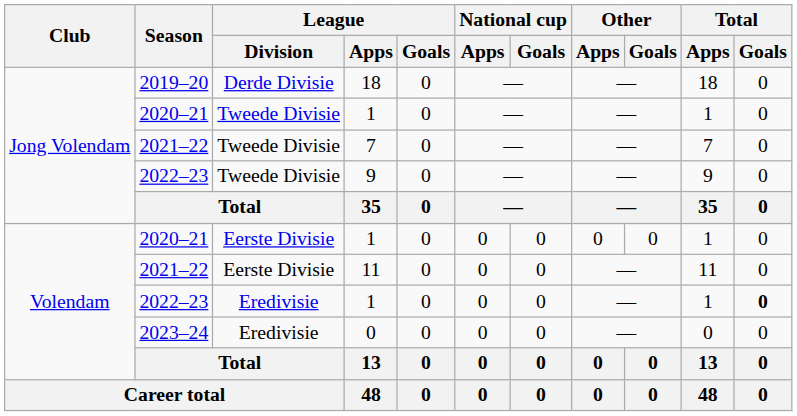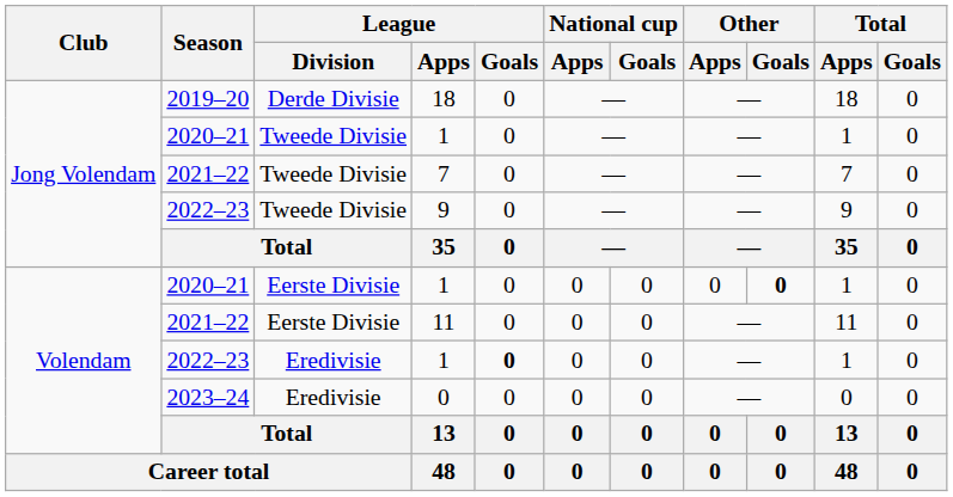 <table class="wikitable" style="text-align:center">
 <tr>
 <th rowspan="2">Club</th>
 <th rowspan="2">Season</th>
 <th colspan="3">League</th>
 <th colspan="2">National cup</th>
 <th colspan="2">Other</th>
 <th colspan="2">Total</th>
 </tr>
 <tr>
 <th>Division</th>
 <th>Apps</th>
 <th>Goals</th>
 <th>Apps</th>
 <th>Goals</th>
 <th>Apps</th>
 <th>Goals</th>
 <th>Apps</th>
 <th>Goals</th>
 </tr>
 <tr>
 <td rowspan="5"><a href='#'>Jong Volendam</a></td>
 <td><a href='#'>2019–20</a></td>
 <td><a href='#'>Derde Divisie</a></td>
 <td>18</td>
 <td>0</td>
 <td colspan="2">—</td>
 <td colspan="2">—</td>
 <td>18</td>
 <td>0</td>
 </tr>
 <tr>
 <td><a href='#'>2020–21</a></td>
 <td><a href='#'>Tweede Divisie</a></td>
 <td>1</td>
 <td>0</td>
 <td colspan="2">—</td>
 <td colspan="2">—</td>
 <td>1</td>
 <td>0</td>
 </tr>
 <tr>
 <td><a href='#'>2021–22</a></td>
 <td>Tweede Divisie</td>
 <td>7</td>
 <td>0</td>
 <td colspan="2">—</td>
 <td colspan="2">—</td>
 <td>7</td>
 <td>0</td>
 </tr>
 <tr>
 <td><a href='#'>2022–23</a></td>
 <td>Tweede Divisie</td>
 <td>9</td>
 <td>0</td>
 <td colspan="2">—</td>
 <td colspan="2">—</td>
 <td>9</td>
 <td>0</td>
 </tr>
 <tr>
 <th colspan="2">Total</th>
 <th>35</th>
 <th>0</th>
 <th colspan="2">—</th>
 <th colspan="2">—</th>
 <th>35</th>
 <th>0</th>
 </tr>
 <tr>
 <td rowspan="5"><a href='#'>Volendam</a></td>
 <td><a href='#'>2020–21</a></td>
 <td><a href='#'>Eerste Divisie</a></td>
 <td>1</td>
 <td>0</td>
 <td>0</td>
 <td>0</td>
 <td>0</td>
-<td>0</td>
+<td><strong>0</strong></td>
 <td>1</td>
 <td>0</td>
 </tr>
 <tr>
 <td><a href='#'>2021–22</a></td>
 <td>Eerste Divisie</td>
 <td>11</td>
 <td>0</td>
 <td>0</td>
 <td>0</td>
 <td colspan="2">—</td>
 <td>11</td>
 <td>0</td>
 </tr>
 <tr>
 <td><a href='#'>2022–23</a></td>
 <td><a href='#'>Eredivisie</a></td>
 <td>1</td>
-<td>0</td>
+<td><strong>0</strong></td>
 <td>0</td>
 <td>0</td>
 <td colspan="2">—</td>
 <td>1</td>
-<td><strong>0</strong></td>
+<td>0</td>
 </tr>
 <tr>
 <td><a href='#'>2023–24</a></td>
 <td>Eredivisie</td>
 <td>0</td>
 <td>0</td>
 <td>0</td>
 <td>0</td>
 <td colspan="2">—</td>
 <td>0</td>
 <td>0</td>
 </tr>
 <tr>
 <th colspan="2">Total</th>
 <th>13</th>
 <th>0</th>
 <th>0</th>
 <th>0</th>
 <th>0</th>
 <th>0</th>
 <th>13</th>
 <th>0</th>
 </tr>
 <tr>
 <th colspan="3">Career total</th>
 <th>48</th>
 <th>0</th>
 <th>0</th>
 <th>0</th>
 <th>0</th>
 <th>0</th>
 <th>48</th>
 <th>0</th>
 </tr>
 </table>
